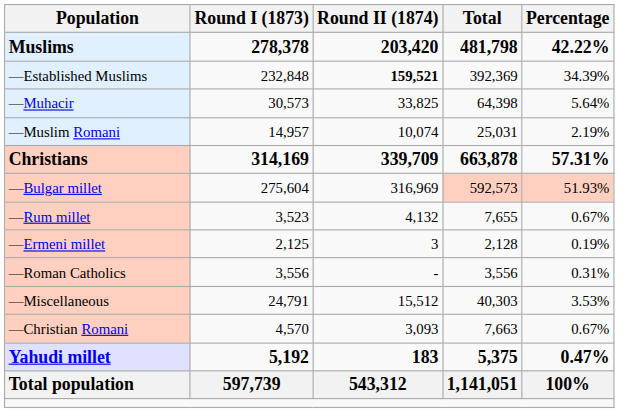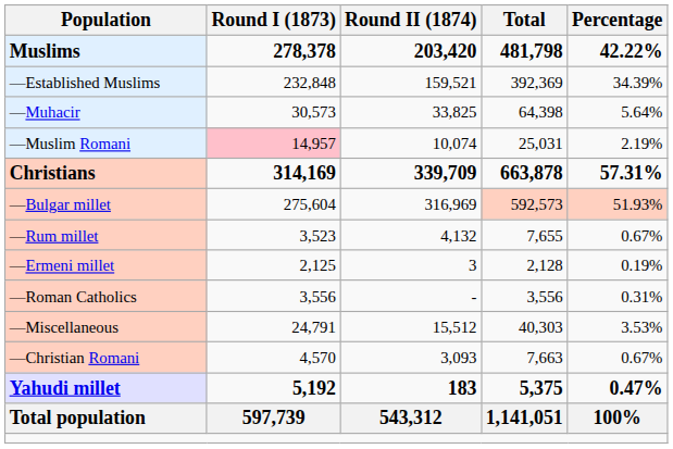 <table class="wikitable sortable">
 <tr>
 <th style="width:120pt;">Population</th>
 <th style="text-align:center;"style="width:70pt;">Round I (1873)</th>
 <th style="text-align:center;"style="width:73pt;">Round II (1874)</th>
 <th style="text-align:center;"style="width:70pt;">Total</th>
 <th style="text-align:center;"style="width:70pt;">Percentage</th>
 </tr>
 <tr>
 <td style="background:#E0F0FF;"><strong>Muslims</strong></td>
 <td style="text-align:right;"><strong>278,378</strong></td>
 <td style="text-align:right;"><strong>203,420</strong></td>
 <td style="text-align:right;"><strong>481,798</strong></td>
 <td style="text-align:right;"><strong>42.22%</strong></td>
 </tr>
 <tr>
 <td style="background:#E0F0FF;"><small>—Established Muslims</small></td>
 <td style="text-align:right;"><small>232,848</small></td>
-<td style="text-align:right;"><strong><small>159,521</small></strong></td>
+<td style="text-align:right;"><small>159,521</small></td>
 <td style="text-align:right;"><small>392,369</small></td>
 <td style="text-align:right;"><small>34.39%</small></td>
 </tr>
 <tr>
 <td style="background:#E0F0FF;"><small>—<a href='#'>Muhacir</a></small></td>
 <td style="text-align:right;"><small>30,573</small></td>
 <td style="text-align:right;"><small>33,825</small></td>
 <td style="text-align:right;"><small>64,398</small></td>
 <td style="text-align:right;"><small>5.64%</small></td>
 </tr>
 <tr>
 <td style="background:#E0F0FF;"><small>—Muslim <a href='#'>Romani</a></small></td>
-<td style="text-align:right;"><small>14,957</small></td>
+<td style="background: pink; text-align:right;"><small>14,957</small></td>
 <td style="text-align:right;"><small>10,074</small></td>
 <td style="text-align:right;"><small>25,031</small></td>
 <td style="text-align:right;"><small>2.19%</small></td>
 </tr>
 <tr>
 <td style="background:#FFD0C0;"><strong>Christians</strong></td>
 <td style="text-align:right;"><strong>314,169</strong></td>
 <td style="text-align:right;"><strong>339,709</strong></td>
 <td style="text-align:right;"><strong>663,878</strong></td>
 <td style="text-align:right;"><strong>57.31%</strong></td>
 </tr>
 <tr>
 <td style="background:#FFD0C0;"><small>—<a href='#'>Bulgar millet</a></small></td>
 <td style="text-align:right;"><small>275,604</small></td>
 <td style="text-align:right;"><small>316,969</small></td>
 <td style="text-align:right; background:#FFD0C0;"><small>592,573</small></td>
 <td style="text-align:right; background:#FFD0C0;"><small>51.93%</small></td>
 </tr>
 <tr>
 <td style="background:#FFD0C0;"><small>—<a href='#'>Rum millet</a></small></td>
 <td style="text-align:right;"><small>3,523</small></td>
 <td style="text-align:right;"><small>4,132</small></td>
 <td style="text-align:right;"><small>7,655</small></td>
 <td style="text-align:right;"><small>0.67%</small></td>
 </tr>
 <tr>
 <td style="background:#FFD0C0;"><small>—<a href='#'>Ermeni millet</a></small></td>
 <td style="text-align:right;"><small>2,125</small></td>
 <td style="text-align:right;"><small>3</small></td>
 <td style="text-align:right;"><small>2,128</small></td>
 <td style="text-align:right;"><small>0.19%</small></td>
 </tr>
 <tr>
 <td style="background:#FFD0C0;"><small>—Roman Catholics</small></td>
 <td style="text-align:right;"><small>3,556</small></td>
 <td style="text-align:right;"><small>-</small></td>
 <td style="text-align:right;"><small>3,556</small></td>
 <td style="text-align:right;"><small>0.31%</small></td>
 </tr>
 <tr>
 <td style="background:#FFD0C0;"><small>—Miscellaneous</small></td>
 <td style="text-align:right;"><small>24,791</small></td>
 <td style="text-align:right;"><small>15,512</small></td>
 <td style="text-align:right;"><small>40,303</small></td>
 <td style="text-align:right;"><small>3.53%</small></td>
 </tr>
 <tr>
 <td style="background:#FFD0C0;"><small>—Christian <a href='#'>Romani</a></small></td>
 <td style="text-align:right;"><small>4,570</small></td>
 <td style="text-align:right;"><small>3,093</small></td>
 <td style="text-align:right;"><small>7,663</small></td>
 <td style="text-align:right;"><small>0.67%</small></td>
 </tr>
 <tr>
 <td style="background:#E0E0FF;"><strong><a href='#'>Yahudi millet</a></strong></td>
 <td style="text-align:right;"><strong>5,192</strong></td>
 <td style="text-align:right;"><strong>183</strong></td>
 <td style="text-align:right;"><strong>5,375</strong></td>
 <td style="text-align:right;"><strong>0.47%</strong></td>
 </tr>
 <tr>
 <th style="text-align:left;">Total population</th>
 <th>597,739</th>
 <th>543,312</th>
 <th>1,141,051</th>
 <th>100%</th>
 </tr>
 <tr>
 <td colspan="11"></td>
 </tr>
 </table>
